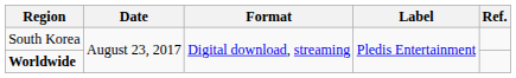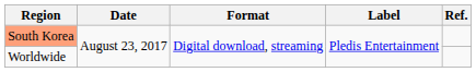 <table class="wikitable">
 <tr>
 <th>Region</th>
 <th>Date</th>
 <th>Format</th>
 <th>Label</th>
 <th>Ref.</th>
 </tr>
 <tr>
-<td>South Korea</td>
+<td style="background: lightsalmon;">South Korea</td>
 <td rowspan="2">August 23, 2017</td>
 <td rowspan="2"><a href='#'>Digital download</a>, <a href='#'>streaming</a></td>
 <td rowspan="2"><a href='#'>Pledis Entertainment</a></td>
 <td align="center"></td>
 </tr>
 <tr>
-<td><strong>Worldwide</strong></td>
+<td>Worldwide</td>
 <td align="center"></td>
 </tr>
 </table>
